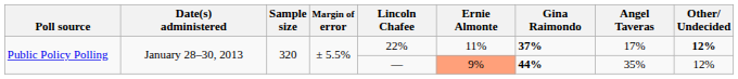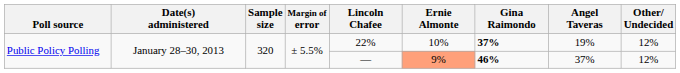 <table class="wikitable">
 <tr valign= bottom>
 <th style="width:150px;">Poll source</th>
 <th style="width:190px;">Date(s)<br>administered</th>
 <th class=small>Sample<br>size</th>
 <th><small>Margin of</small><br>error</th>
 <th style="width:100px;">Lincoln<br>Chafee</th>
 <th style="width:100px;">Ernie<br>Almonte</th>
 <th style="width:100px;">Gina<br>Raimondo</th>
 <th style="width:100px;">Angel<br>Taveras</th>
 <th style="width:40px;">Other/<br>Undecided</th>
 </tr>
 <tr>
 <td rowspan=2><a href='#'>Public Policy Polling</a></td>
 <td rowspan=2 align=center>January 28–30, 2013</td>
 <td rowspan=2 align=center>320</td>
 <td rowspan=2 align=center>± 5.5%</td>
 <td align=center>22%</td>
-<td align=center>11%</td>
+<td align=center>10%</td>
 <td><strong>37%</strong></td>
-<td align=center>17%</td>
-<td align=center><strong>12%</strong></td>
+<td align=center>19%</td>
+<td align=center>12%</td>
 </tr>
 <tr>
 <td align=center>—</td>
 <td align=center style="background: lightsalmon;">9%</td>
-<td><strong>44%</strong></td>
-<td align=center>35%</td>
+<td><strong>46%</strong></td>
+<td align=center>37%</td>
 <td align=center>12%</td>
 </tr>
 </table>
